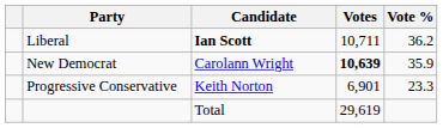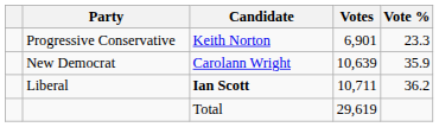 <table class="wikitable">
 <tr>
 <th></th>
 <th scope="col" width="175">Party</th>
 <th scope="col" width="150">Candidate</th>
 <th>Votes</th>
 <th>Vote %</th>
+</tr>
+<tr |>
+<td>   </td>
+<td>Progressive Conservative</td>
+<td><a href='#'>Keith Norton</a></td>
+<td align=right>6,901</td>
+<td align=right>23.3<br> </td>
+</tr>
+<tr |>
+<td>   </td>
+<td>New Democrat</td>
+<td><a href='#'>Carolann Wright</a></td>
+<td align=right>10,639</td>
+<td align=right>35.9</td>
 </tr>
 <tr>
 <td>   </td>
 <td>Liberal</td>
 <td><strong>Ian Scott</strong></td>
 <td align=right>10,711</td>
 <td align=right>36.2</td>
 </tr>
 <tr |>
-<td>   </td>
-<td>New Democrat</td>
-<td><a href='#'>Carolann Wright</a></td>
-<td align=right><strong>10,639</strong></td>
-<td align=right>35.9</td>
-</tr>
-<tr |>
-<td>   </td>
-<td>Progressive Conservative</td>
-<td><a href='#'>Keith Norton</a></td>
-<td align=right>6,901</td>
-<td align=right>23.3<br> </td>
-</tr>
-<tr |>
 <td></td>
 <td></td>
 <td>Total</td>
 <td align=right>29,619</td>
 <td></td>
 </tr>
 </table>
